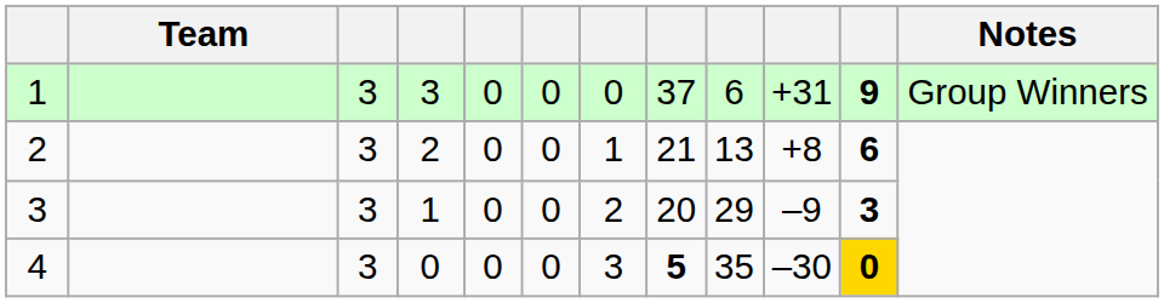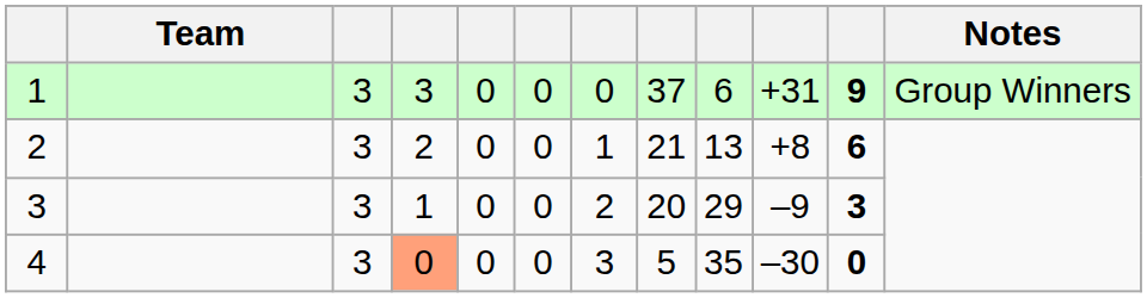 <table class="wikitable" style="text-align: center; font-size: 97%;">
 <tr>
 <th width="20"></th>
 <th width="110">Team</th>
 <th width="18"></th>
 <th width="22"></th>
 <th width="18"></th>
 <th width="18"></th>
 <th width="22"></th>
 <th width="18"></th>
 <th width="18"></th>
 <th width="25"></th>
 <th width="18"></th>
 <th width="105">Notes</th>
 </tr>
 <tr style="background-color: #ccffcc;">
 <td>1</td>
 <td align=left></td>
 <td>3</td>
 <td>3</td>
 <td>0</td>
 <td>0</td>
 <td>0</td>
 <td>37</td>
 <td>6</td>
 <td>+31</td>
 <td><strong>9</strong></td>
 <td>Group Winners</td>
 </tr>
 <tr>
 <td>2</td>
 <td align=left></td>
 <td>3</td>
 <td>2</td>
 <td>0</td>
 <td>0</td>
 <td>1</td>
 <td>21</td>
 <td>13</td>
 <td>+8</td>
 <td><strong>6</strong></td>
 <td rowspan="3"></td>
 </tr>
 <tr>
 <td>3</td>
 <td align=left></td>
 <td>3</td>
 <td>1</td>
 <td>0</td>
 <td>0</td>
 <td>2</td>
 <td>20</td>
 <td>29</td>
 <td>–9</td>
 <td><strong>3</strong></td>
 </tr>
 <tr>
 <td>4</td>
 <td align=left></td>
 <td>3</td>
-<td>0</td>
+<td style="background: lightsalmon;">0</td>
 <td>0</td>
 <td>0</td>
 <td>3</td>
-<td><strong>5</strong></td>
+<td>5</td>
 <td>35</td>
 <td>–30</td>
-<td style="background: gold;"><strong>0</strong></td>
+<td><strong>0</strong></td>
 </tr>
 </table>
